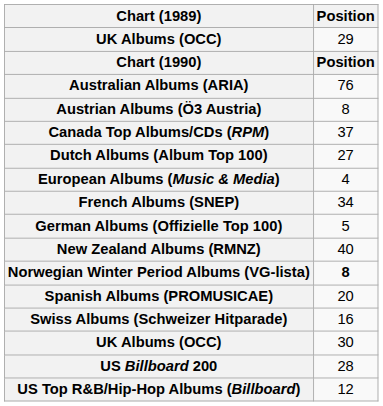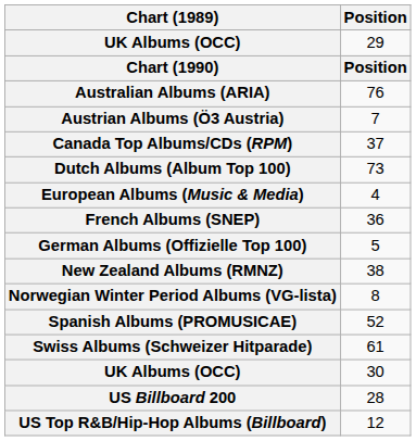 <table class="wikitable sortable plainrowheaders" style="text-align:center">
 <tr>
 <th scope="col">Chart (1989)</th>
 <th scope="col">Position</th>
 </tr>
 <tr>
 <th scope="row">UK Albums (OCC)</th>
 <td>29</td>
 </tr>
 <tr>
 <th scope="col">Chart (1990)</th>
 <th scope="col">Position</th>
 </tr>
 <tr>
 <th scope="row">Australian Albums (ARIA)</th>
 <td>76</td>
 </tr>
 <tr>
 <th scope="row">Austrian Albums (Ö3 Austria)</th>
-<td>8</td>
+<td>7</td>
 </tr>
 <tr>
 <th scope="row">Canada Top Albums/CDs (<em>RPM</em>)</th>
 <td>37</td>
 </tr>
 <tr>
 <th scope="row">Dutch Albums (Album Top 100)</th>
-<td>27</td>
+<td>73</td>
 </tr>
 <tr>
 <th scope="row">European Albums (<em>Music & Media</em>)</th>
 <td>4</td>
 </tr>
 <tr>
 <th scope="row">French Albums (SNEP)</th>
-<td>34</td>
+<td>36</td>
 </tr>
 <tr>
 <th scope="row">German Albums (Offizielle Top 100)</th>
 <td>5</td>
 </tr>
 <tr>
 <th scope="row">New Zealand Albums (RMNZ)</th>
-<td>40</td>
+<td>38</td>
 </tr>
 <tr>
 <th scope="row">Norwegian Winter Period Albums (VG-lista)</th>
-<td><strong>8</strong></td>
+<td>8</td>
 </tr>
 <tr>
 <th scope="row">Spanish Albums (PROMUSICAE)</th>
-<td>20</td>
+<td>52</td>
 </tr>
 <tr>
 <th scope="row">Swiss Albums (Schweizer Hitparade)</th>
-<td>16</td>
+<td>61</td>
 </tr>
 <tr>
 <th scope="row">UK Albums (OCC)</th>
 <td>30</td>
 </tr>
 <tr>
 <th scope="row">US <em>Billboard</em> 200</th>
 <td>28</td>
 </tr>
 <tr>
 <th scope="row">US Top R&B/Hip-Hop Albums (<em>Billboard</em>)</th>
 <td>12</td>
 </tr>
 </table>
